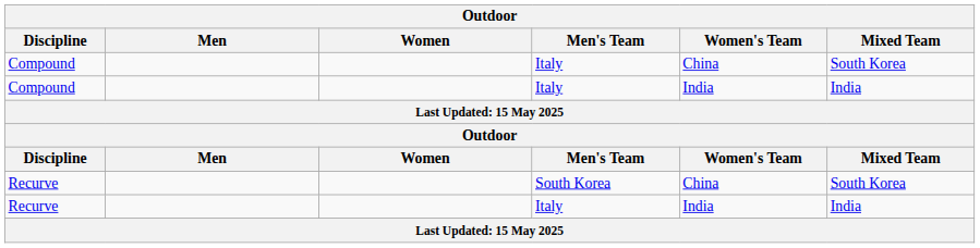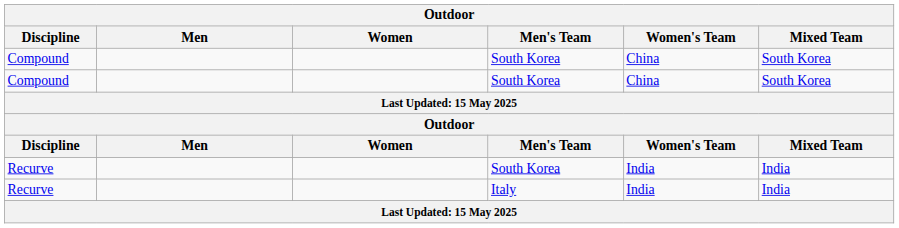 <table class="wikitable">
 <tr>
 <th colspan=6>Outdoor</th>
 </tr>
 <tr>
 <th width=100>Discipline</th>
 <th width=220>Men</th>
 <th width=220>Women</th>
 <th width=150>Men's Team</th>
 <th width=150>Women's Team</th>
 <th width=150>Mixed Team</th>
 </tr>
 <tr>
 <td><a href='#'>Compound</a></td>
 <td></td>
 <td></td>
-<td> <a href='#'>Italy</a></td>
+<td> <a href='#'>South Korea</a></td>
 <td> <a href='#'>China</a></td>
 <td> <a href='#'>South Korea</a></td>
 </tr>
 <tr>
 <td><a href='#'>Compound</a></td>
 <td></td>
 <td></td>
-<td> <a href='#'>Italy</a></td>
-<td> <a href='#'>India</a></td>
-<td> <a href='#'>India</a></td>
+<td> <a href='#'>South Korea</a></td>
+<td> <a href='#'>China</a></td>
+<td> <a href='#'>South Korea</a></td>
 </tr>
 <tr>
 <th colspan=6><small>Last Updated: 15 May 2025</small></th>
 </tr>
 <tr>
 <th colspan=6>Outdoor</th>
 </tr>
 <tr>
 <th width=100>Discipline</th>
 <th width=220>Men</th>
 <th width=220>Women</th>
 <th width=150>Men's Team</th>
 <th width=150>Women's Team</th>
 <th width=150>Mixed Team</th>
 </tr>
 <tr>
 <td><a href='#'>Recurve</a></td>
 <td></td>
 <td></td>
 <td> <a href='#'>South Korea</a></td>
-<td> <a href='#'>China</a></td>
-<td> <a href='#'>South Korea</a></td>
+<td> <a href='#'>India</a></td>
+<td> <a href='#'>India</a></td>
 </tr>
 <tr>
 <td><a href='#'>Recurve</a></td>
 <td></td>
 <td></td>
 <td> <a href='#'>Italy</a></td>
 <td> <a href='#'>India</a></td>
 <td> <a href='#'>India</a></td>
 </tr>
 <tr>
 <th colspan=6><small>Last Updated: 15 May 2025</small></th>
 </tr>
 </table>
